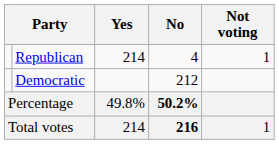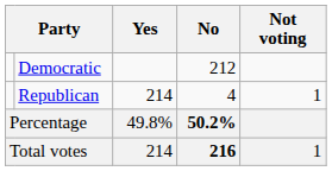 <table class="wikitable" style="margin-right: 1em; background: #f9f9f9; text-align: right;">
 <tr>
 <th colspan="2" scope="col" style="width: 90px">Party</th>
 <th scope="col" style="width: 50px">Yes</th>
 <th scope="col" style="width: 50px">No</th>
 <th scope="col" style="width: 70px">Not voting</th>
 </tr>
 <tr>
 <td scope="row" style="background-color:"></td>
+<td scope="row" style="text-align: left;"><a href='#'>Democratic</a></td>
+<td></td>
+<td>212</td>
+<td></td>
+</tr>
+<tr>
+<td scope="row" style="background-color:"></td>
 <td scope="row" style="text-align: left;"><a href='#'>Republican</a></td>
 <td>214</td>
 <td>4</td>
 <td>1</td>
-</tr>
-<tr>
-<td scope="row" style="background-color:"></td>
-<td scope="row" style="text-align: left;"><a href='#'>Democratic</a></td>
-<td></td>
-<td>212</td>
-<td></td>
 </tr>
 <tr class="tfoot" style="background:#f2f2f2;"|>
 <td scope="row" colspan="2" style="text-align:left;">Percentage</td>
 <td>49.8%</td>
 <td><strong>50.2%</strong></td>
 <td></td>
 </tr>
 <tr class="tfoot" style="background:#f2f2f2;">
 <td scope="row" colspan="2" style="text-align:left;">Total votes</td>
 <td>214</td>
 <td> <strong>216</strong></td>
 <td>1</td>
 </tr>
 </table>
